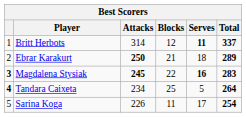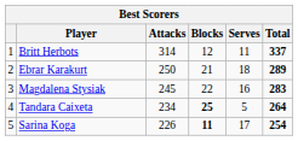 <table class="wikitable sortable" style=font-size:90%>
 <tr>
 <th colspan=6>Best Scorers</th>
 </tr>
 <tr>
 <th></th>
 <th width=158>Player</th>
 <th width=20>Attacks</th>
 <th width=20>Blocks</th>
 <th width=20>Serves</th>
 <th width=20>Total</th>
 </tr>
 <tr>
 <td>1</td>
 <td> <a href='#'>Britt Herbots</a></td>
 <td align=center>314</td>
 <td align=center>12</td>
-<td align=center><strong>11</strong></td>
+<td align=center>11</td>
 <td align=center><strong>337</strong></td>
 </tr>
 <tr>
 <td>2</td>
 <td> <a href='#'>Ebrar Karakurt</a></td>
-<td align=center><strong>250</strong></td>
+<td align=center>250</td>
 <td align=center>21</td>
 <td align=center>18</td>
 <td align=center><strong>289</strong></td>
 </tr>
 <tr>
-<td><strong>3</strong></td>
+<td>3</td>
 <td> <a href='#'>Magdalena Stysiak</a></td>
-<td align=center><strong>245</strong></td>
+<td align=center>245</td>
 <td align=center>22</td>
-<td align=center><strong>16</strong></td>
+<td align=center>16</td>
 <td align=center><strong>283</strong></td>
 </tr>
 <tr>
-<td><strong>4</strong></td>
+<td>4</td>
 <td> <a href='#'>Tandara Caixeta</a></td>
 <td align=center>234</td>
-<td align=center>25</td>
+<td align=center><strong>25</strong></td>
 <td align=center>5</td>
 <td align=center><strong>264</strong></td>
 </tr>
 <tr>
 <td>5</td>
 <td> <a href='#'>Sarina Koga</a></td>
 <td align=center>226</td>
-<td align=center>11</td>
+<td align=center><strong>11</strong></td>
 <td align=center>17</td>
 <td align=center><strong>254</strong></td>
 </tr>
 </table>
